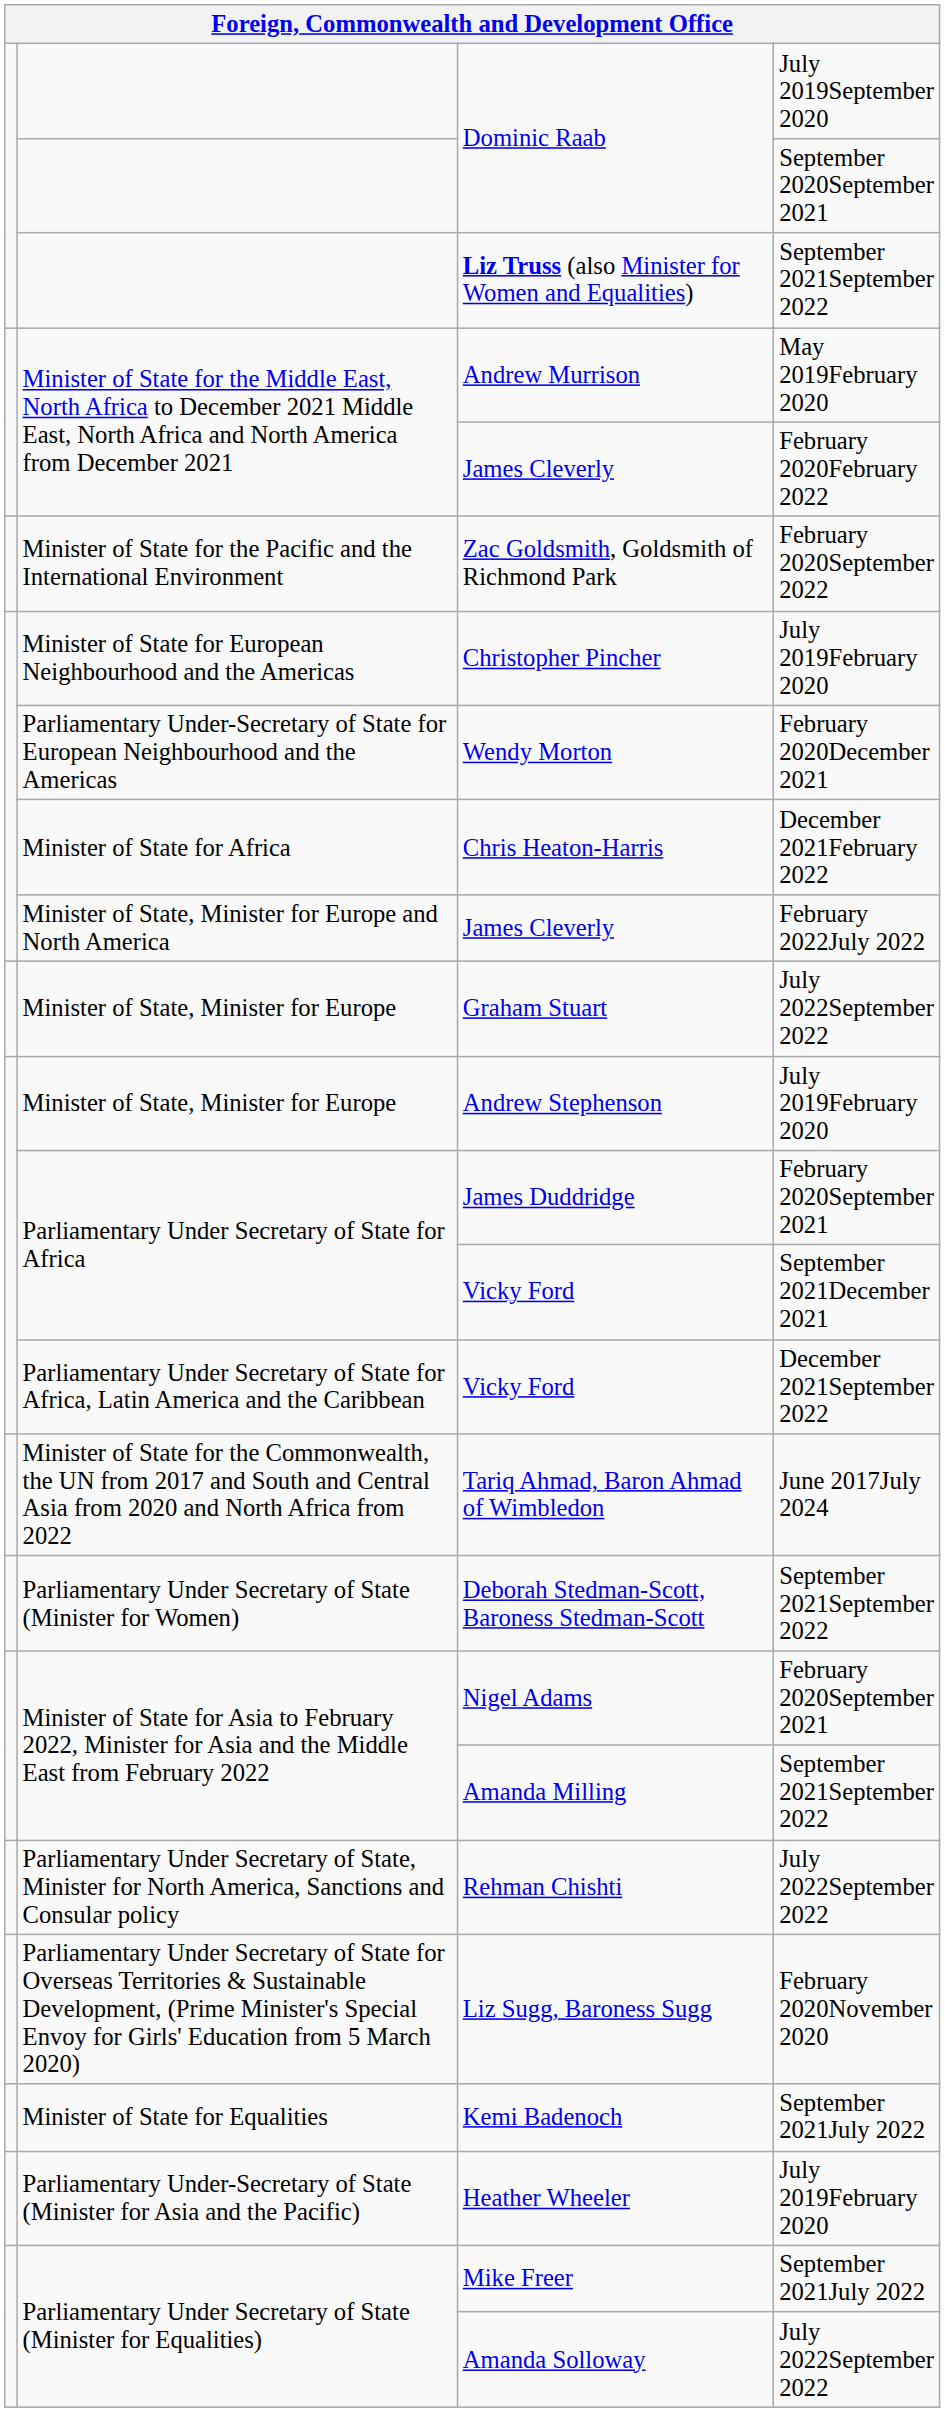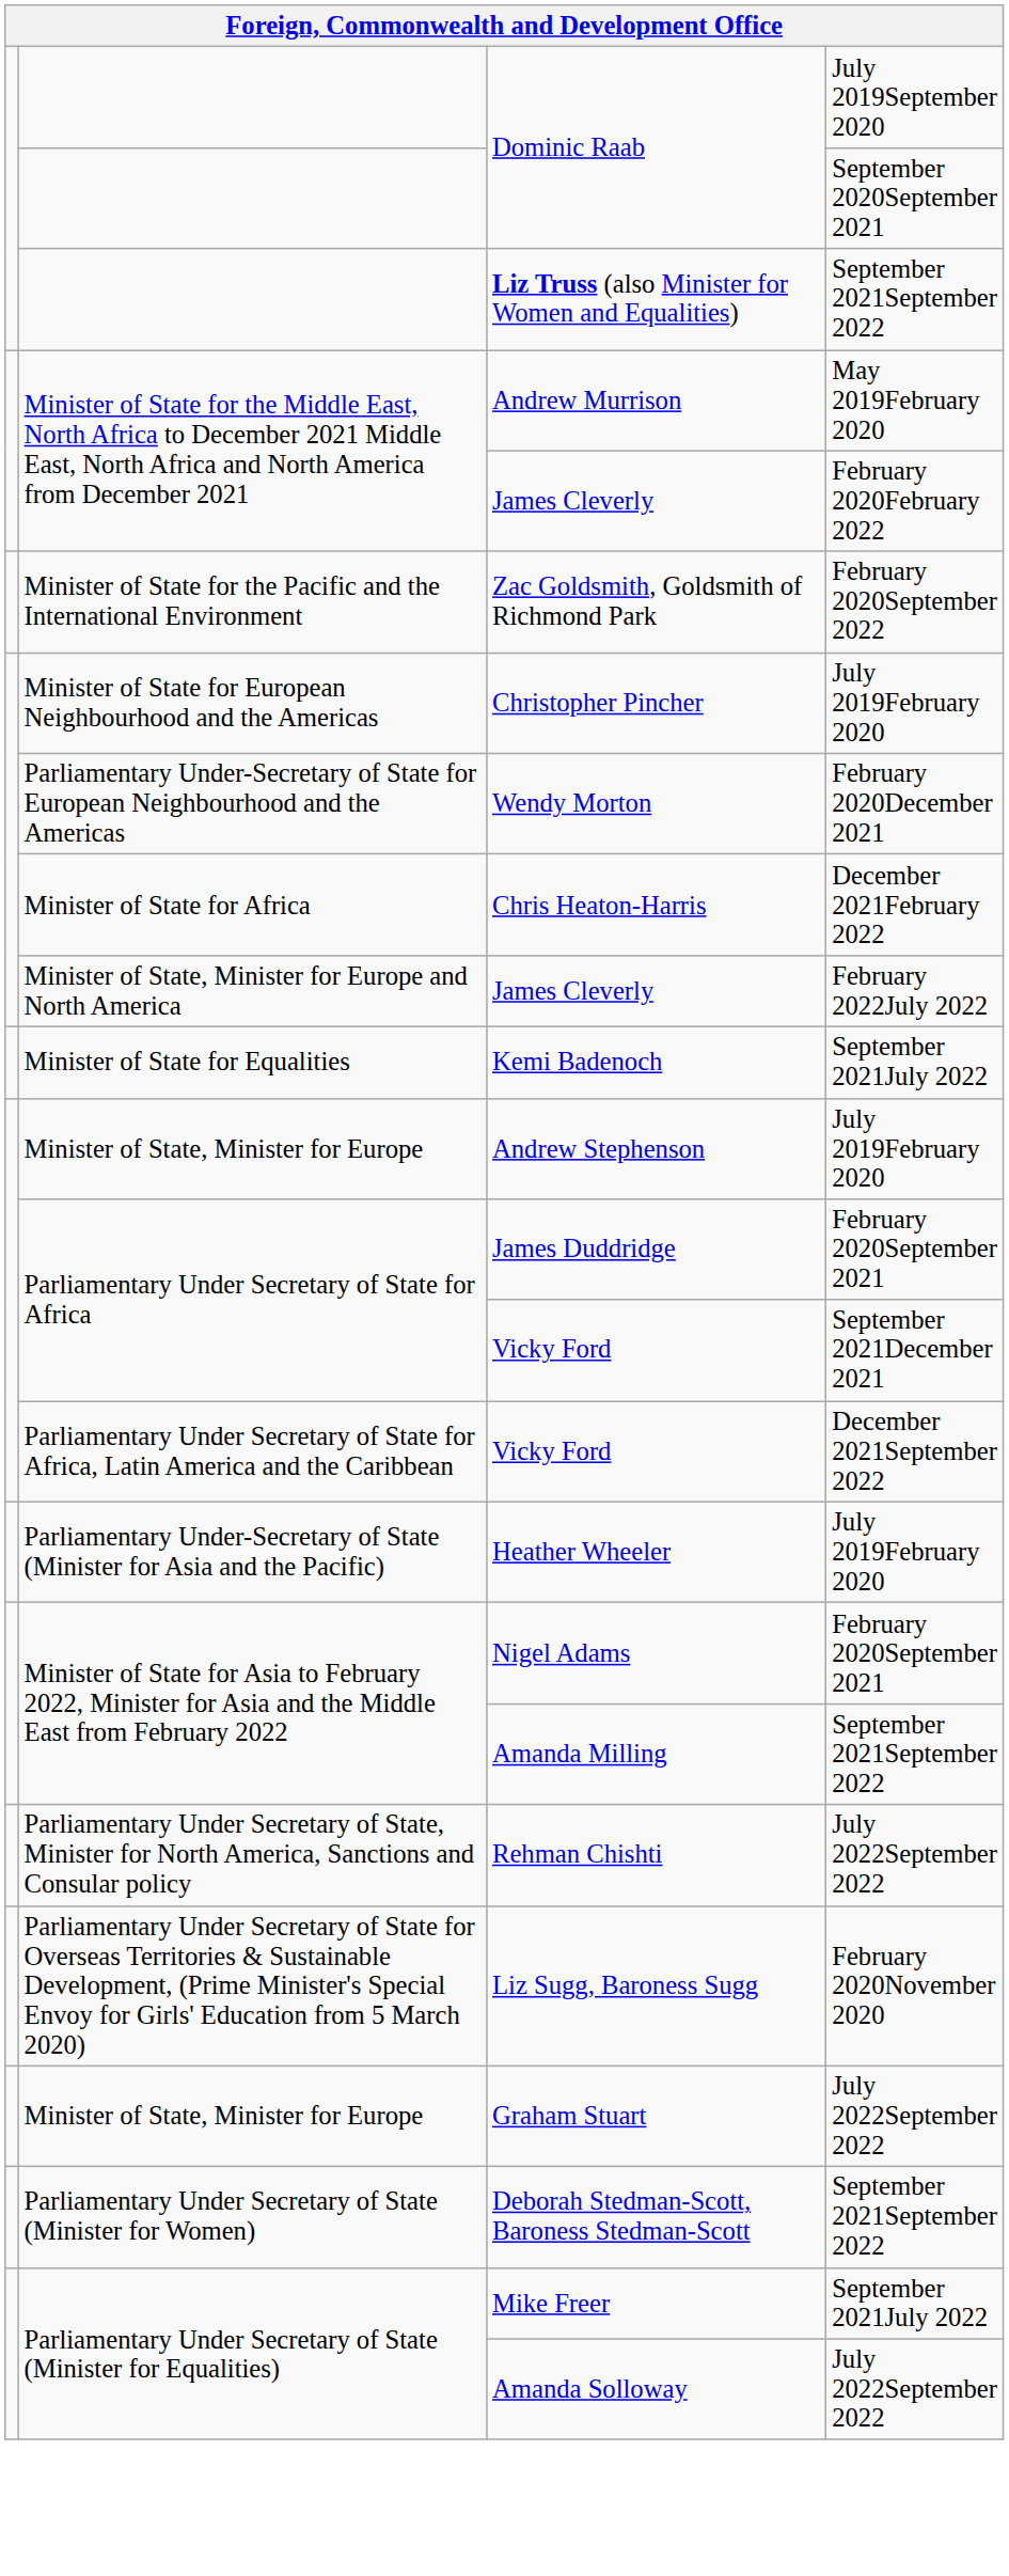 <table class="wikitable">
 <tr>
 <th colspan="4"><a href='#'>Foreign, Commonwealth and Development Office</a></th>
 </tr>
 <tr>
 <td rowspan="3" style="width: 1px; background: "></td>
 <td style="width: 450px;"></td>
 <td rowspan="2" style="width: 320px;"><a href='#'>Dominic Raab</a></td>
 <td>July 2019September 2020</td>
 </tr>
 <tr>
 <td></td>
 <td>September 2020September 2021</td>
 </tr>
 <tr>
 <td></td>
 <td style="width: 320px;"><strong><a href='#'>Liz Truss</a></strong> (also <a href='#'>Minister for Women and Equalities</a>)</td>
 <td>September 2021September 2022</td>
 </tr>
 <tr>
 <td rowspan=2 style="width: 1px; background: "></td>
 <td rowspan=2 style="width: 450px;"><a href='#'>Minister of State for the Middle East, North Africa</a> to December 2021 Middle East, North Africa and North America from December 2021</td>
 <td style="width: 320px;"><a href='#'>Andrew Murrison</a> <br></td>
 <td>May 2019February 2020</td>
 </tr>
 <tr>
 <td><a href='#'>James Cleverly</a> <br></td>
 <td>February 2020February 2022</td>
 </tr>
 <tr>
 <td style="width: 1px; background: "></td>
 <td>Minister of State for the Pacific and the International Environment</td>
 <td><a href='#'>Zac Goldsmith</a>, Goldsmith of Richmond Park<br></td>
 <td>February 2020September 2022</td>
 </tr>
 <tr>
 <td rowspan=4 style="width: 1px; background: "></td>
 <td style="width: 450px;">Minister of State for European Neighbourhood and the Americas</td>
 <td style="width: 320px;"><a href='#'>Christopher Pincher</a></td>
 <td>July 2019February 2020</td>
 </tr>
 <tr>
 <td style="width: 450px;">Parliamentary Under-Secretary of State for European Neighbourhood and the Americas</td>
 <td><a href='#'>Wendy Morton</a> <br></td>
 <td>February 2020December 2021</td>
 </tr>
 <tr>
 <td style="width: 450px;">Minister of State for Africa</td>
 <td style="width: 320px;"><a href='#'>Chris Heaton-Harris</a></td>
 <td>December 2021February 2022</td>
 </tr>
 <tr>
 <td style="width: 450px;">Minister of State, Minister for Europe and North America</td>
 <td style="width: 320px;"><a href='#'>James Cleverly</a></td>
 <td>February 2022July 2022</td>
 </tr>
 <tr>
 <td style="width: 1px; background: "></td>
-<td style="width: 450px;">Minister of State, Minister for Europe</td>
-<td style="width: 320px;"><a href='#'>Graham Stuart</a></td>
-<td>July 2022September 2022</td>
+<td>Minister of State for Equalities</td>
+<td><a href='#'>Kemi Badenoch</a><br></td>
+<td>September 2021July 2022</td>
 </tr>
 <tr>
 <td rowspan=4 style="width: 1px; background: "></td>
 <td style="width: 450px;">Minister of State, Minister for Europe</td>
 <td style="width: 320px;"><a href='#'>Andrew Stephenson</a> <br></td>
 <td>July 2019February 2020</td>
 </tr>
 <tr>
 <td rowspan=2 style="width: 450px;">Parliamentary Under Secretary of State for Africa</td>
 <td style="width: 320px;"><a href='#'>James Duddridge</a> <br></td>
 <td>February 2020September 2021</td>
 </tr>
 <tr>
 <td style="width: 320px;"><a href='#'>Vicky Ford</a></td>
 <td>September 2021December 2021</td>
 </tr>
 <tr>
 <td style="width: 450px;">Parliamentary Under Secretary of State for Africa, Latin America and the Caribbean</td>
 <td style="width: 320px;"><a href='#'>Vicky Ford</a></td>
 <td>December 2021September 2022</td>
 </tr>
 <tr>
 <td style="width: 1px; background: "></td>
-<td>Minister of State for the Commonwealth, the UN from 2017 and South and Central Asia from 2020 and North Africa from 2022</td>
-<td><a href='#'>Tariq Ahmad, Baron Ahmad of Wimbledon</a><br></td>
-<td>June 2017July 2024</td>
-</tr>
-<tr>
-<td style="width: 1px; background: "></td>
-<td>Parliamentary Under Secretary of State (Minister for Women)</td>
-<td><a href='#'>Deborah Stedman-Scott, Baroness Stedman-Scott</a> <br></td>
-<td>September 2021September 2022</td>
+<td>Parliamentary Under-Secretary of State (Minister for Asia and the Pacific)</td>
+<td><a href='#'>Heather Wheeler</a></td>
+<td>July 2019February 2020</td>
 </tr>
 <tr>
 <td rowspan=2 style="width: 1px; background: "></td>
 <td rowspan=2>Minister of State for Asia to February 2022, Minister for Asia and the Middle East from February 2022</td>
 <td><a href='#'>Nigel Adams</a><br></td>
 <td>February 2020September 2021</td>
 </tr>
 <tr>
 <td><a href='#'>Amanda Milling</a></td>
 <td>September 2021September 2022</td>
 </tr>
 <tr>
 <td style="width: 1px; background: "></td>
 <td>Parliamentary Under Secretary of State, Minister for North America, Sanctions and Consular policy</td>
 <td><a href='#'>Rehman Chishti</a></td>
 <td>July 2022September 2022</td>
 </tr>
 <tr>
 <td style="width: 1px; background: "></td>
 <td>Parliamentary Under Secretary of State for Overseas Territories & Sustainable Development, (Prime Minister's Special Envoy for Girls' Education from 5 March 2020)</td>
 <td><a href='#'>Liz Sugg, Baroness Sugg</a>  <br></td>
 <td>February 2020November 2020</td>
 </tr>
 <tr>
 <td style="width: 1px; background: "></td>
-<td>Minister of State for Equalities</td>
-<td><a href='#'>Kemi Badenoch</a><br></td>
-<td>September 2021July 2022</td>
+<td style="width: 450px;">Minister of State, Minister for Europe</td>
+<td style="width: 320px;"><a href='#'>Graham Stuart</a></td>
+<td>July 2022September 2022</td>
 </tr>
 <tr>
 <td style="width: 1px; background: "></td>
-<td>Parliamentary Under-Secretary of State (Minister for Asia and the Pacific)</td>
-<td><a href='#'>Heather Wheeler</a></td>
-<td>July 2019February 2020</td>
+<td>Parliamentary Under Secretary of State (Minister for Women)</td>
+<td><a href='#'>Deborah Stedman-Scott, Baroness Stedman-Scott</a> <br></td>
+<td>September 2021September 2022</td>
 </tr>
 <tr>
 <td rowspan=2 style="width: 1px; background: "></td>
 <td rowspan=2>Parliamentary Under Secretary of State (Minister for Equalities)</td>
 <td><a href='#'>Mike Freer</a><br></td>
 <td>September 2021July 2022</td>
 </tr>
 <tr>
 <td><a href='#'>Amanda Solloway</a><br></td>
 <td>July 2022September 2022</td>
 </tr>
 </table>
